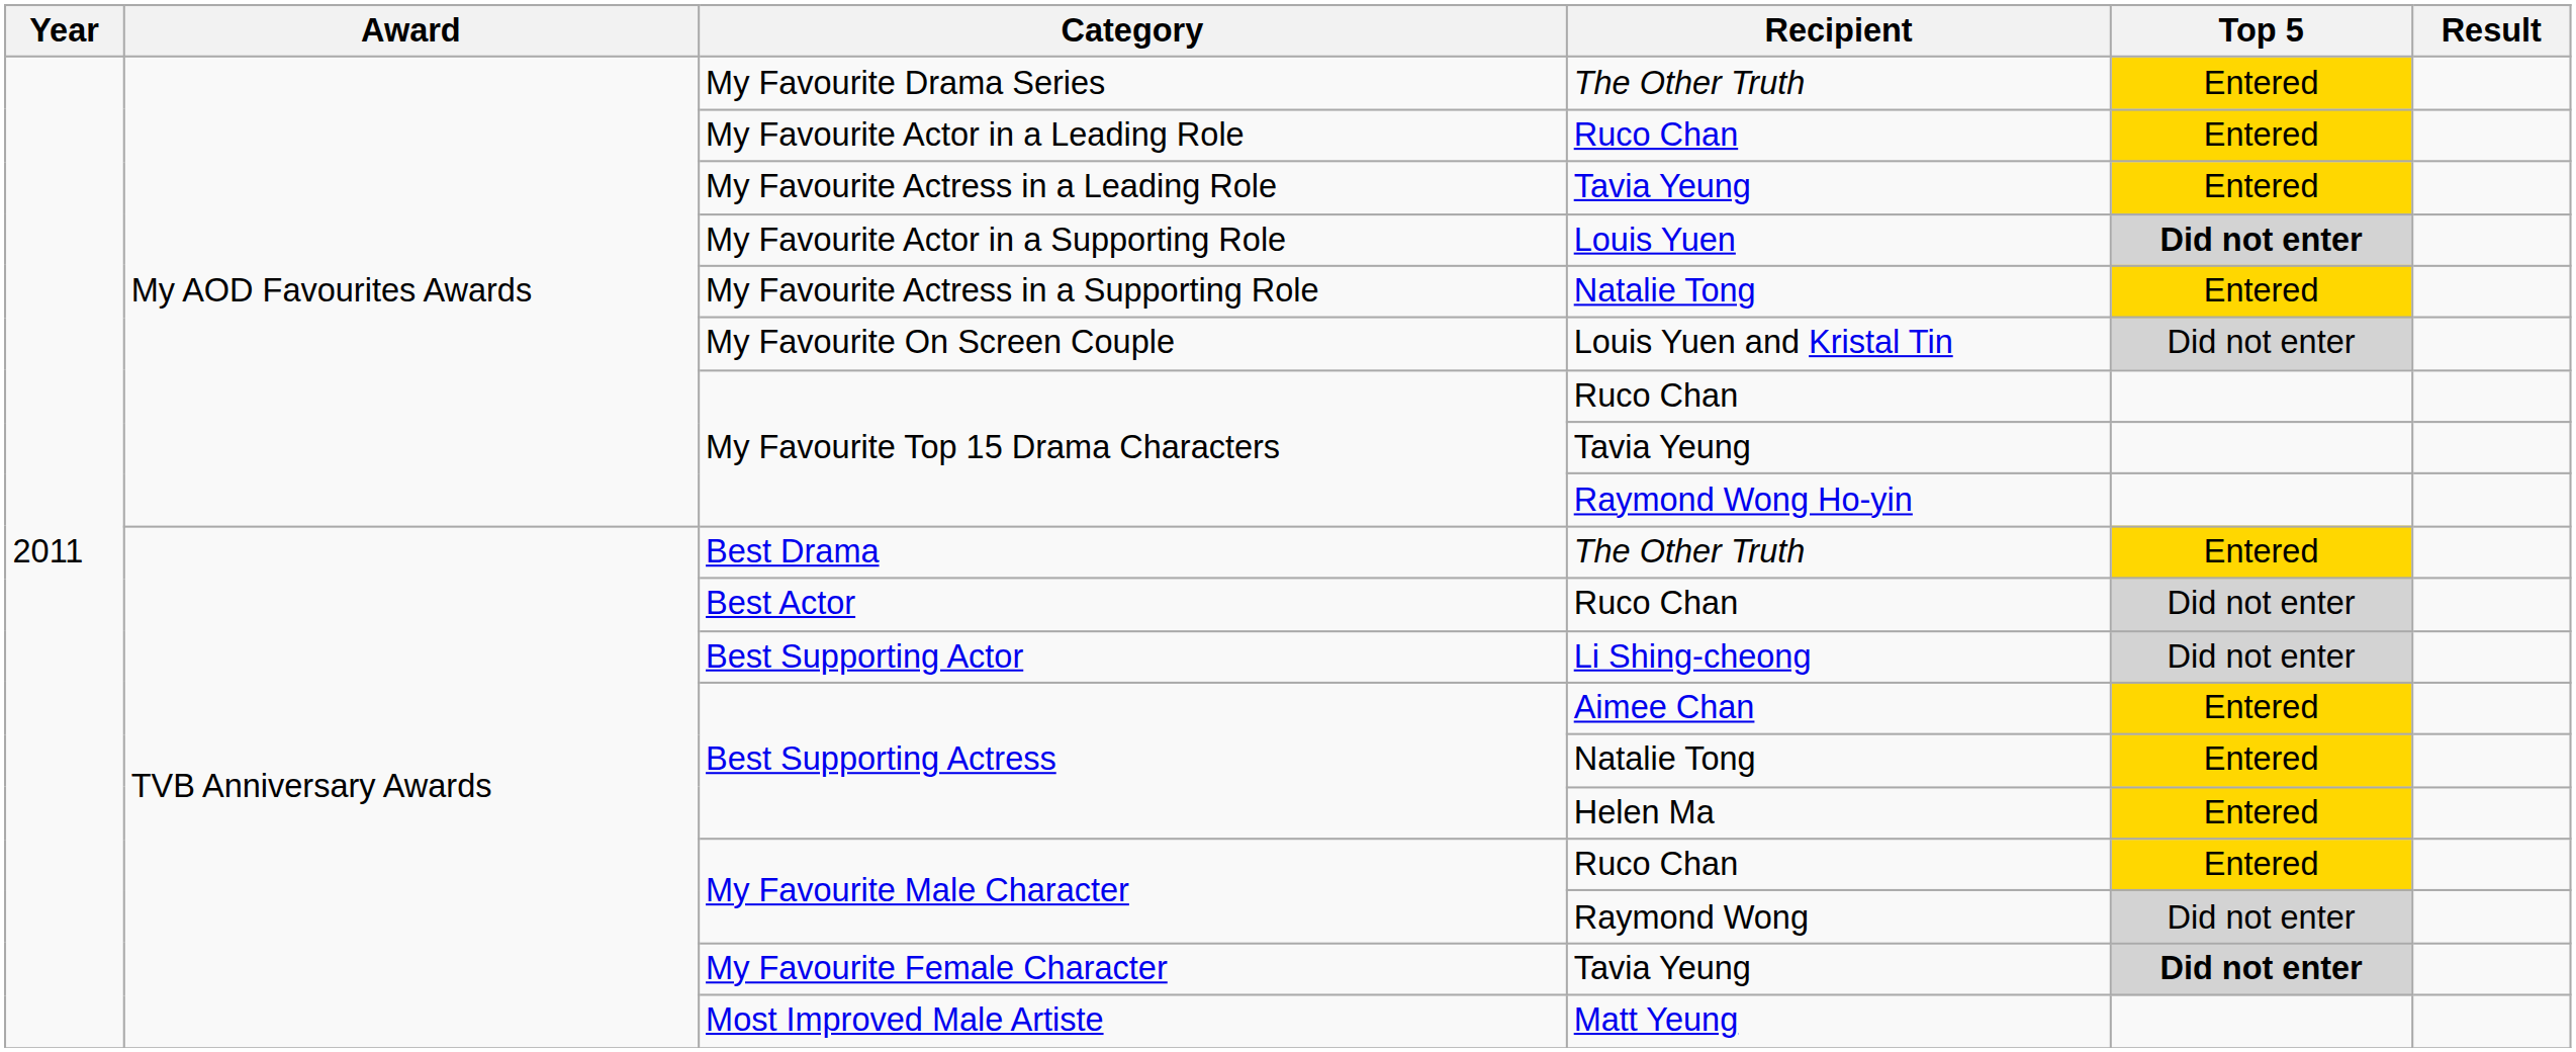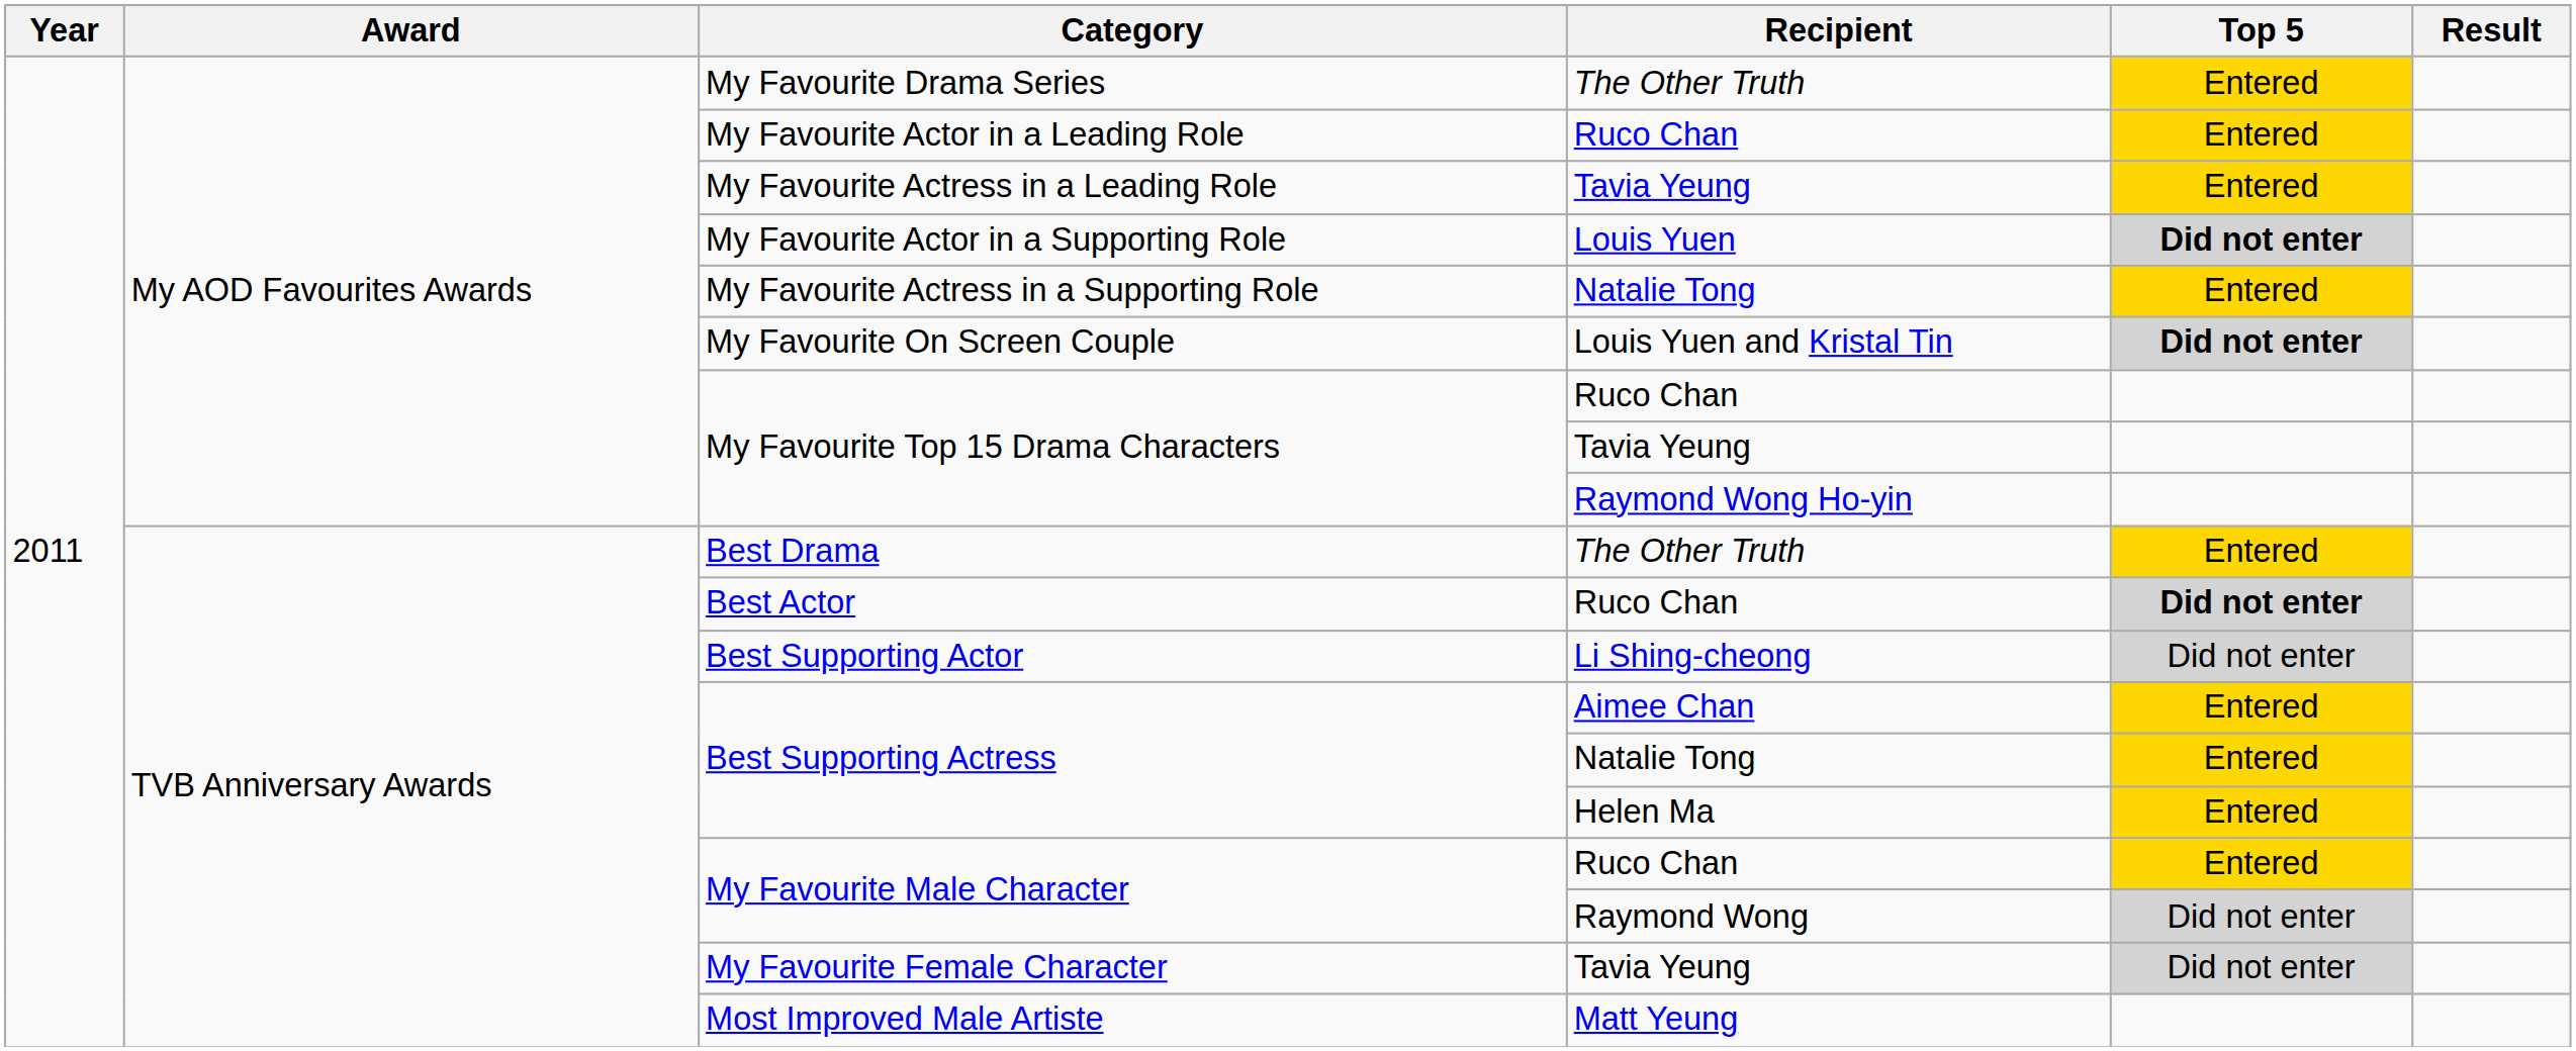 <table class="wikitable" style="width:99%;">
 <tr>
 <th>Year</th>
 <th>Award</th>
 <th>Category</th>
 <th>Recipient</th>
 <th>Top 5</th>
 <th>Result</th>
 </tr>
 <tr>
 <td rowspan="19">2011</td>
 <td rowspan=9>My AOD Favourites Awards</td>
 <td>My Favourite Drama Series</td>
 <td><em>The Other Truth</em></td>
 <td td style="background:gold; text-align:center;">Entered</td>
 <td></td>
 </tr>
 <tr>
 <td>My Favourite Actor in a Leading Role</td>
 <td><a href='#'>Ruco Chan</a></td>
 <td td style="background:gold; text-align:center;">Entered</td>
 <td></td>
 </tr>
 <tr>
 <td>My Favourite Actress in a Leading Role</td>
 <td><a href='#'>Tavia Yeung</a></td>
 <td td style="background:gold; text-align:center;">Entered</td>
 <td></td>
 </tr>
 <tr>
 <td>My Favourite Actor in a Supporting Role</td>
 <td><a href='#'>Louis Yuen</a></td>
 <td style="background:lightgrey; text-align:center;"><strong>Did not enter</strong></td>
 <td></td>
 </tr>
 <tr>
 <td>My Favourite Actress in a Supporting Role</td>
 <td><a href='#'>Natalie Tong</a></td>
 <td td style="background:gold; text-align:center;">Entered</td>
 <td></td>
 </tr>
 <tr>
 <td>My Favourite On Screen Couple</td>
 <td>Louis Yuen and <a href='#'>Kristal Tin</a></td>
-<td style="background:lightgrey; text-align:center;">Did not enter</td>
+<td style="background:lightgrey; text-align:center;"><strong>Did not enter</strong></td>
 <td></td>
 </tr>
 <tr>
 <td rowspan=3>My Favourite Top 15 Drama Characters</td>
 <td>Ruco Chan</td>
 <td></td>
 <td></td>
 </tr>
 <tr>
 <td>Tavia Yeung</td>
 <td></td>
 <td></td>
 </tr>
 <tr>
 <td><a href='#'>Raymond Wong Ho-yin</a></td>
 <td></td>
 <td></td>
 </tr>
 <tr>
 <td rowspan="10">TVB Anniversary Awards</td>
 <td><a href='#'>Best Drama</a></td>
 <td><em>The Other Truth</em></td>
 <td td style="background:gold; text-align:center;">Entered</td>
 <td></td>
 </tr>
 <tr>
 <td><a href='#'>Best Actor</a></td>
 <td>Ruco Chan</td>
-<td style="background:lightgrey; text-align:center;">Did not enter</td>
+<td style="background:lightgrey; text-align:center;"><strong>Did not enter</strong></td>
 <td></td>
 </tr>
 <tr>
 <td><a href='#'>Best Supporting Actor</a></td>
 <td><a href='#'>Li Shing-cheong</a></td>
 <td style="background:lightgrey; text-align:center;">Did not enter</td>
 <td></td>
 </tr>
 <tr>
 <td rowspan=3><a href='#'>Best Supporting Actress</a></td>
 <td><a href='#'>Aimee Chan</a></td>
 <td td style="background:gold; text-align:center;">Entered</td>
 <td></td>
 </tr>
 <tr>
 <td>Natalie Tong</td>
 <td td style="background:gold; text-align:center;">Entered</td>
 <td></td>
 </tr>
 <tr>
 <td>Helen Ma</td>
 <td td style="background:gold; text-align:center;">Entered</td>
 <td></td>
 </tr>
 <tr>
 <td rowspan=2><a href='#'>My Favourite Male Character</a></td>
 <td>Ruco Chan</td>
 <td td style="background:gold; text-align:center;">Entered</td>
 <td></td>
 </tr>
 <tr>
 <td>Raymond Wong</td>
 <td style="background:lightgrey; text-align:center;">Did not enter</td>
 <td></td>
 </tr>
 <tr>
 <td><a href='#'>My Favourite Female Character</a></td>
 <td>Tavia Yeung</td>
-<td style="background:lightgrey; text-align:center;"><strong>Did not enter</strong></td>
+<td style="background:lightgrey; text-align:center;">Did not enter</td>
 <td></td>
 </tr>
 <tr>
 <td><a href='#'>Most Improved Male Artiste</a></td>
 <td><a href='#'>Matt Yeung</a></td>
 <td></td>
 <td></td>
 </tr>
 </table>
